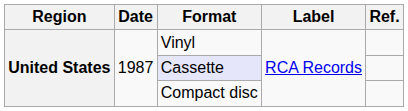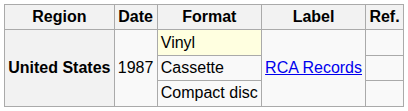 <table class="wikitable plainrowheaders">
 <tr>
 <th scope="col">Region</th>
 <th scope="col">Date</th>
 <th scope="col">Format</th>
 <th scope="col">Label</th>
 <th scope="col">Ref.</th>
 </tr>
 <tr>
 <th scope="row" rowspan="3">United States</th>
 <td rowspan="3">1987</td>
-<td>Vinyl</td>
+<td style="background: lightyellow;">Vinyl</td>
 <td rowspan="3"><a href='#'>RCA Records</a></td>
 <td></td>
 </tr>
 <tr>
-<td style="background: lavender;">Cassette</td>
+<td>Cassette</td>
 <td></td>
 </tr>
 <tr>
 <td>Compact disc</td>
 <td></td>
 </tr>
 <tr>
 </tr>
 </table>
